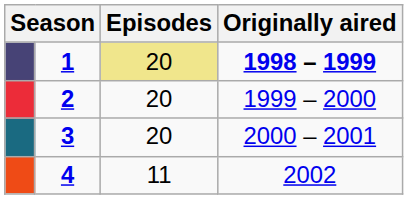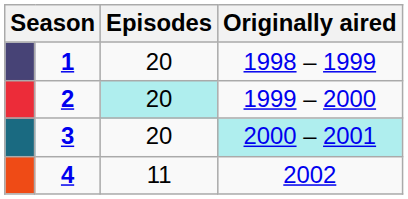 <table class="wikitable">
 <tr>
 <th colspan="2">Season</th>
 <th>Episodes</th>
 <th>Originally aired</th>
 </tr>
 <tr>
 <td bgcolor="#474376" height="10px"></td>
 <td align="center"><strong><a href='#'>1</a></strong></td>
-<td align="center" style="background: khaki;">20</td>
-<td align="center"><strong><a href='#'>1998</a> – <a href='#'>1999</a></strong></td>
+<td align="center">20</td>
+<td align="center"><a href='#'>1998</a> – <a href='#'>1999</a></td>
 </tr>
 <tr>
 <td bgcolor="#ec2c39" height="10px"></td>
 <td align="center"><strong><a href='#'>2</a></strong></td>
-<td align="center">20</td>
+<td align="center" style="background: paleturquoise;">20</td>
 <td align="center"><a href='#'>1999</a> – <a href='#'>2000</a></td>
 </tr>
 <tr>
 <td bgcolor="#1a6a81" height="10px"></td>
 <td align="center"><strong><a href='#'>3</a></strong></td>
 <td align="center">20</td>
-<td align="center"><a href='#'>2000</a> – <a href='#'>2001</a></td>
+<td align="center" style="background: paleturquoise;"><a href='#'>2000</a> – <a href='#'>2001</a></td>
 </tr>
 <tr>
 <td bgcolor="#ef4b16" height="10px"></td>
 <td align="center"><strong><a href='#'>4</a></strong></td>
 <td align="center">11</td>
 <td align="center"><a href='#'>2002</a></td>
 </tr>
 </table>
